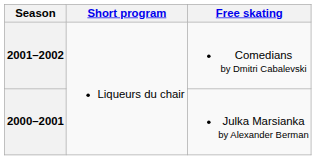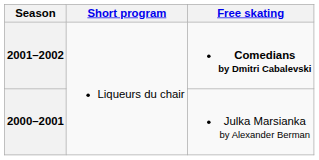 <table class=wikitable style=text-align:center>
 <tr>
 <th>Season</th>
 <th><a href='#'>Short program</a></th>
 <th><a href='#'>Free skating</a></th>
 </tr>
 <tr>
 <th>2001–2002 <br> </th>
 <td rowspan=2><br><ul><li>Liqueurs du chair</li></ul></td>
-<td><br><ul><li>Comedians <br><small> by Dmitri Cabalevski </small></li></ul></td>
+<td><strong><br><ul><li>Comedians <br><small> by Dmitri Cabalevski </small></li></ul></strong></td>
 </tr>
 <tr>
 <th>2000–2001 <br> </th>
 <td><br><ul><li>Julka Marsianka <br><small> by Alexander Berman </small></li></ul></td>
 </tr>
 </table>
